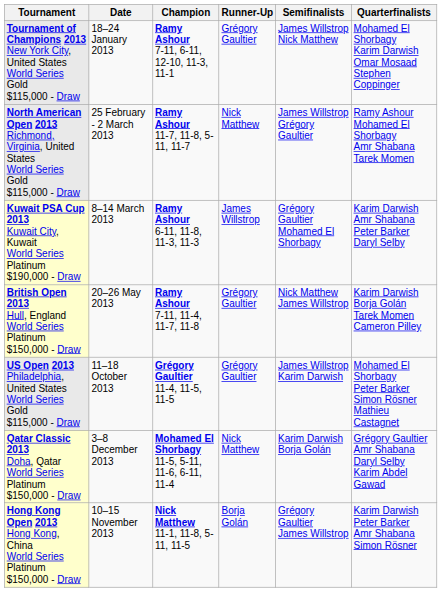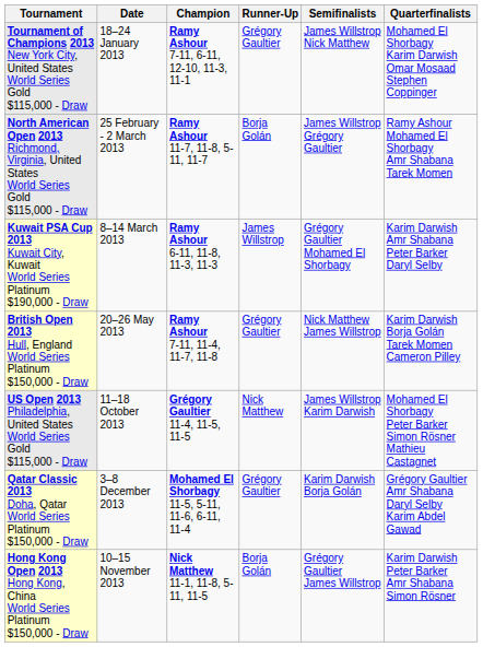 <table class="wikitable" style="font-size:88%">
 <tr>
 <th width=250>Tournament</th>
 <th width=160>Date</th>
 <th width=165>Champion</th>
 <th width=155>Runner-Up</th>
 <th width=155>Semifinalists</th>
 <th width=155>Quarterfinalists</th>
 </tr>
 <tr valign=top>
 <td style="background:#E9E9E9;"><strong><a href='#'>Tournament of Champions</a> <a href='#'>2013</a></strong><br> <a href='#'>New York City</a>, United States<br><a href='#'>World Series</a> Gold<br>$115,000 - <a href='#'>Draw</a></td>
 <td>18–24 January 2013</td>
 <td> <strong><a href='#'>Ramy Ashour</a></strong><br>7-11, 6-11, 12-10, 11-3, 11-1</td>
 <td> <a href='#'>Grégory Gaultier</a></td>
 <td> <a href='#'>James Willstrop</a><br> <a href='#'>Nick Matthew</a></td>
 <td> <a href='#'>Mohamed El Shorbagy</a><br> <a href='#'>Karim Darwish</a><br> <a href='#'>Omar Mosaad</a><br> <a href='#'>Stephen Coppinger</a></td>
 </tr>
 <tr valign=top>
 <td style="background:#E9E9E9;"><strong><a href='#'>North American Open</a> <a href='#'>2013</a></strong><br> <a href='#'>Richmond, Virginia</a>, United States<br><a href='#'>World Series</a> Gold<br>$115,000 - <a href='#'>Draw</a></td>
 <td>25 February - 2 March 2013</td>
 <td> <strong><a href='#'>Ramy Ashour</a></strong><br>11-7, 11-8, 5-11, 11-7</td>
-<td> <a href='#'>Nick Matthew</a></td>
+<td> <a href='#'>Borja Golán</a></td>
 <td> <a href='#'>James Willstrop</a><br> <a href='#'>Grégory Gaultier</a></td>
 <td> <a href='#'>Ramy Ashour</a><br> <a href='#'>Mohamed El Shorbagy</a><br> <a href='#'>Amr Shabana</a><br> <a href='#'>Tarek Momen</a></td>
 </tr>
 <tr valign=top>
 <td style="background:#ffc;"><strong><a href='#'>Kuwait PSA Cup</a> <a href='#'>2013</a></strong><br> <a href='#'>Kuwait City</a>, Kuwait<br><a href='#'>World Series</a> Platinum<br>$190,000 - <a href='#'>Draw</a></td>
 <td>8–14 March 2013</td>
 <td> <strong><a href='#'>Ramy Ashour</a></strong><br>6-11, 11-8, 11-3, 11-3</td>
 <td> <a href='#'>James Willstrop</a></td>
 <td> <a href='#'>Grégory Gaultier</a><br> <a href='#'>Mohamed El Shorbagy</a></td>
 <td> <a href='#'>Karim Darwish</a><br> <a href='#'>Amr Shabana</a><br> <a href='#'>Peter Barker</a><br> <a href='#'>Daryl Selby</a></td>
 </tr>
 <tr valign=top>
 <td style="background:#ffc;"><strong><a href='#'>British Open</a> <a href='#'>2013</a></strong><br> <a href='#'>Hull</a>, England<br><a href='#'>World Series</a> Platinum<br>$150,000 - <a href='#'>Draw</a></td>
 <td>20–26 May 2013</td>
 <td> <strong><a href='#'>Ramy Ashour</a></strong><br>7-11, 11-4, 11-7, 11-8</td>
 <td> <a href='#'>Grégory Gaultier</a></td>
 <td> <a href='#'>Nick Matthew</a><br> <a href='#'>James Willstrop</a></td>
 <td> <a href='#'>Karim Darwish</a><br> <a href='#'>Borja Golán</a><br> <a href='#'>Tarek Momen</a><br> <a href='#'>Cameron Pilley</a></td>
 </tr>
 <tr valign=top>
 <td style="background:#E9E9E9;"><strong><a href='#'>US Open</a> <a href='#'>2013</a></strong><br> <a href='#'>Philadelphia</a>, United States<br><a href='#'>World Series</a> Gold<br>$115,000 - <a href='#'>Draw</a></td>
 <td>11–18 October 2013</td>
 <td> <strong><a href='#'>Grégory Gaultier</a></strong><br>11-4, 11-5, 11-5</td>
-<td> <a href='#'>Grégory Gaultier</a></td>
+<td> <a href='#'>Nick Matthew</a></td>
 <td> <a href='#'>James Willstrop</a><br> <a href='#'>Karim Darwish</a></td>
 <td> <a href='#'>Mohamed El Shorbagy</a><br> <a href='#'>Peter Barker</a><br> <a href='#'>Simon Rösner</a><br> <a href='#'>Mathieu Castagnet</a></td>
 </tr>
 <tr valign=top>
 <td style="background:#ffc;"><strong><a href='#'>Qatar Classic</a> <a href='#'>2013</a></strong><br> <a href='#'>Doha</a>, Qatar<br><a href='#'>World Series</a> Platinum<br>$150,000 - <a href='#'>Draw</a></td>
 <td>3–8 December 2013</td>
 <td> <strong><a href='#'>Mohamed El Shorbagy</a></strong><br>11-5, 5-11, 11-6, 6-11, 11-4</td>
-<td> <a href='#'>Nick Matthew</a></td>
+<td> <a href='#'>Grégory Gaultier</a></td>
 <td> <a href='#'>Karim Darwish</a><br> <a href='#'>Borja Golán</a></td>
 <td> <a href='#'>Grégory Gaultier</a><br> <a href='#'>Amr Shabana</a><br> <a href='#'>Daryl Selby</a><br> <a href='#'>Karim Abdel Gawad</a></td>
 </tr>
 <tr valign=top>
 <td style="background:#ffc;"><strong><a href='#'>Hong Kong Open</a> <a href='#'>2013</a></strong><br> <a href='#'>Hong Kong</a>, China<br><a href='#'>World Series</a> Platinum<br>$150,000 - <a href='#'>Draw</a></td>
 <td>10–15 November 2013</td>
 <td> <strong><a href='#'>Nick Matthew</a></strong><br>11-1, 11-8, 5-11, 11-5</td>
 <td> <a href='#'>Borja Golán</a></td>
 <td> <a href='#'>Grégory Gaultier</a><br> <a href='#'>James Willstrop</a></td>
 <td> <a href='#'>Karim Darwish</a><br> <a href='#'>Peter Barker</a><br> <a href='#'>Amr Shabana</a><br> <a href='#'>Simon Rösner</a></td>
 </tr>
 </table>
